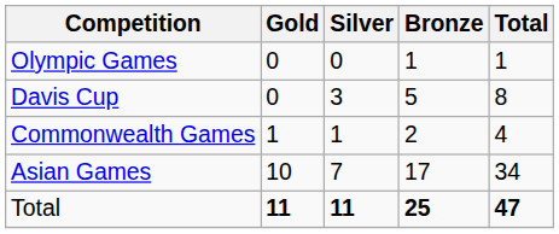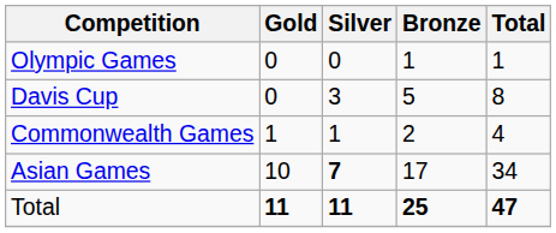 <table class="wikitable sortable">
 <tr>
 <th>Competition</th>
 <th>Gold</th>
 <th>Silver</th>
 <th>Bronze</th>
 <th>Total</th>
 </tr>
 <tr>
 <td><a href='#'>Olympic Games</a></td>
 <td>0</td>
 <td>0</td>
 <td>1</td>
 <td>1</td>
 </tr>
 <tr>
 <td><a href='#'>Davis Cup</a></td>
 <td>0</td>
 <td>3</td>
 <td>5</td>
 <td>8</td>
 </tr>
 <tr>
 <td><a href='#'>Commonwealth Games</a></td>
 <td>1</td>
 <td>1</td>
 <td>2</td>
 <td>4</td>
 </tr>
 <tr>
 <td><a href='#'>Asian Games</a></td>
 <td>10</td>
-<td>7</td>
+<td><strong>7</strong></td>
 <td>17</td>
 <td>34</td>
 </tr>
 <tr>
 <td>Total</td>
 <td><strong>11</strong></td>
 <td><strong>11</strong></td>
 <td><strong>25</strong></td>
 <td><strong>47</strong></td>
 </tr>
 <tr>
 </tr>
 </table>
